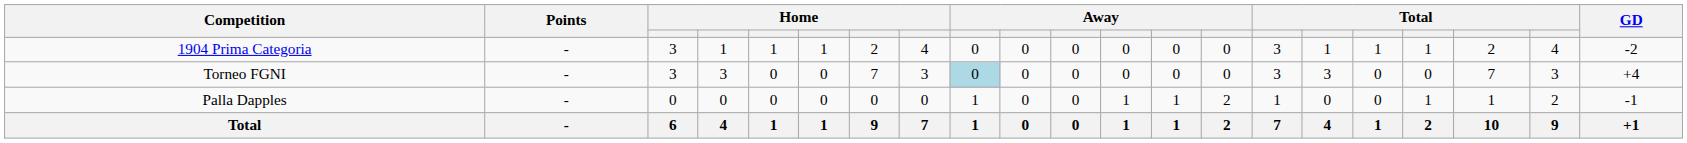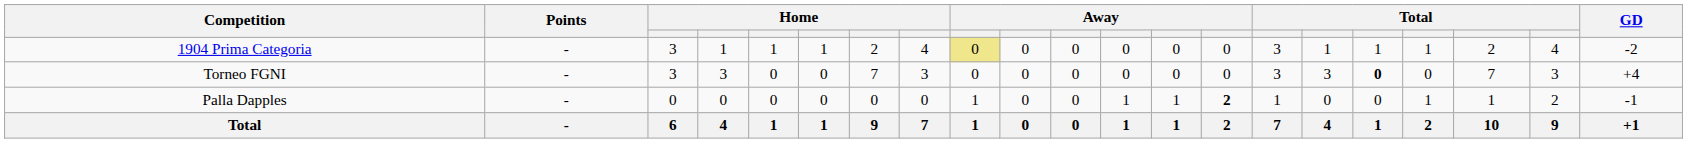 <table class="wikitable" style="font-size:90%;width:100%;margin:auto;clear:both;text-align:center;">
 <tr>
 <th rowspan="2">Competition</th>
 <th rowspan="2">Points</th>
 <th colspan="6">Home</th>
 <th colspan="6">Away</th>
 <th colspan="6">Total</th>
 <th rowspan="2"><a href='#'>GD</a></th>
 </tr>
 <tr>
 <th></th>
 <th></th>
 <th></th>
 <th></th>
 <th></th>
 <th></th>
 <th></th>
 <th></th>
 <th></th>
 <th></th>
 <th></th>
 <th></th>
 <th></th>
 <th></th>
 <th></th>
 <th></th>
 <th></th>
 <th></th>
 </tr>
 <tr>
 <td><a href='#'>1904 Prima Categoria</a></td>
 <td>-</td>
 <td>3</td>
 <td>1</td>
 <td>1</td>
 <td>1</td>
 <td>2</td>
 <td>4</td>
-<td>0</td>
+<td style="background: khaki;">0</td>
 <td>0</td>
 <td>0</td>
 <td>0</td>
 <td>0</td>
 <td>0</td>
 <td>3</td>
 <td>1</td>
 <td>1</td>
 <td>1</td>
 <td>2</td>
 <td>4</td>
 <td>-2</td>
 </tr>
 <tr>
 <td>Torneo FGNI</td>
 <td>-</td>
 <td>3</td>
 <td>3</td>
 <td>0</td>
 <td>0</td>
 <td>7</td>
 <td>3</td>
-<td style="background: lightblue;">0</td>
+<td>0</td>
 <td>0</td>
 <td>0</td>
 <td>0</td>
 <td>0</td>
 <td>0</td>
 <td>3</td>
 <td>3</td>
-<td>0</td>
+<td><strong>0</strong></td>
 <td>0</td>
 <td>7</td>
 <td>3</td>
 <td>+4</td>
 </tr>
 <tr>
 <td>Palla Dapples</td>
 <td>-</td>
 <td>0</td>
 <td>0</td>
 <td>0</td>
 <td>0</td>
 <td>0</td>
 <td>0</td>
 <td>1</td>
 <td>0</td>
 <td>0</td>
 <td>1</td>
 <td>1</td>
-<td>2</td>
+<td><strong>2</strong></td>
 <td>1</td>
 <td>0</td>
 <td>0</td>
 <td>1</td>
 <td>1</td>
 <td>2</td>
 <td>-1</td>
 </tr>
 <tr>
 <th>Total</th>
 <th>-</th>
 <th>6</th>
 <th>4</th>
 <th>1</th>
 <th>1</th>
 <th>9</th>
 <th>7</th>
 <th>1</th>
 <th>0</th>
 <th>0</th>
 <th>1</th>
 <th>1</th>
 <th>2</th>
 <th>7</th>
 <th>4</th>
 <th>1</th>
 <th>2</th>
 <th>10</th>
 <th>9</th>
 <th>+1</th>
 </tr>
 </table>
